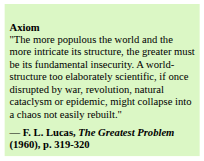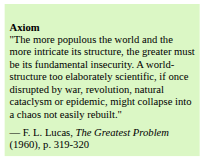 <table class="toccolours" style="float: right; margin-left: 1em; margin-right: 2em; font-size: 85%; background:#dbf7c5; color:black; width:30em; max-width: 40%;" cellspacing="5">
 <tr>
 <td style="text-align: left;"><br><strong>Axiom</strong><br>"The more populous the world and the more intricate its structure, the greater must be its fundamental insecurity. A world-structure too elaborately scientific, if once disrupted by war, revolution, natural cataclysm or epidemic, might collapse into a chaos not easily rebuilt."<br></td>
 </tr>
 <tr>
-<td style="text-align: left;"><strong>― F. L. Lucas, <em>The Greatest Problem</em> (1960), p. 319-320</strong></td>
+<td style="text-align: left;">― F. L. Lucas, <em>The Greatest Problem</em> (1960), p. 319-320</td>
 </tr>
 </table>
